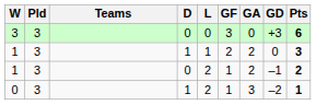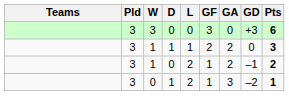 <table class="wikitable" style="text-align: center;">
 <tr>
+<th width=165>Teams</th>
+<th width=20>Pld</th>
 <th width=20>W</th>
-<th width=20>Pld</th>
-<th width=165>Teams</th>
 <th width=20>D</th>
 <th width=20>L</th>
 <th width=20>GF</th>
 <th width=20>GA</th>
 <th width=20>GD</th>
 <th width=20>Pts</th>
 </tr>
 <tr align=center style="background:#ccffcc;">
+<td style="text-align:left;"></td>
 <td>3</td>
 <td>3</td>
-<td style="text-align:left;"></td>
 <td>0</td>
 <td>0</td>
 <td>3</td>
 <td>0</td>
 <td>+3</td>
 <td><strong>6</strong></td>
 </tr>
 <tr align=center>
+<td style="text-align:left;"></td>
+<td>3</td>
 <td>1</td>
-<td>3</td>
-<td style="text-align:left;"></td>
 <td>1</td>
 <td>1</td>
 <td>2</td>
 <td>2</td>
 <td>0</td>
 <td><strong>3</strong></td>
 </tr>
 <tr align=center>
+<td style="text-align:left;"></td>
+<td>3</td>
 <td>1</td>
-<td>3</td>
-<td style="text-align:left;"></td>
 <td>0</td>
 <td>2</td>
 <td>1</td>
 <td>2</td>
 <td>–1</td>
 <td><strong>2</strong></td>
 </tr>
 <tr align=center>
+<td style="text-align:left;"></td>
+<td>3</td>
 <td>0</td>
-<td>3</td>
-<td style="text-align:left;"></td>
 <td>1</td>
 <td>2</td>
 <td>1</td>
 <td>3</td>
 <td>–2</td>
 <td><strong>1</strong></td>
 </tr>
 </table>
